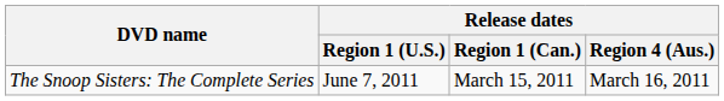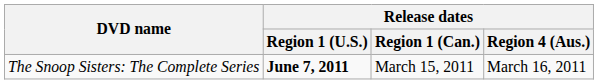 <table class="wikitable">
 <tr>
 <th rowspan="2">DVD name</th>
 <th colspan="4">Release dates</th>
 </tr>
 <tr>
 <th>Region 1 (U.S.)</th>
 <th>Region 1 (Can.)</th>
 <th>Region 4 (Aus.)</th>
 </tr>
 <tr>
 <td><em>The Snoop Sisters: The Complete Series</em></td>
-<td>June 7, 2011</td>
+<td><strong>June 7, 2011</strong></td>
 <td>March 15, 2011</td>
 <td>March 16, 2011</td>
 </tr>
 </table>
